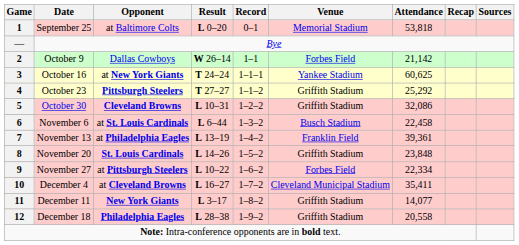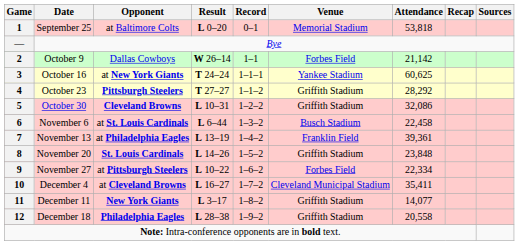 <table class="wikitable" style="text-align:center">
 <tr>
 <th>Game</th>
 <th>Date</th>
 <th>Opponent</th>
 <th>Result</th>
 <th>Record</th>
 <th>Venue</th>
 <th>Attendance</th>
 <th>Recap</th>
 <th>Sources</th>
 </tr>
 <tr style="background:#fcc">
 <th>1</th>
 <td>September 25</td>
 <td>at <a href='#'>Baltimore Colts</a></td>
 <td><strong>L</strong> 0–20</td>
 <td>0–1</td>
 <td><a href='#'>Memorial Stadium</a></td>
 <td>53,818</td>
 <td></td>
 <td></td>
 </tr>
 <tr>
 <th>—</th>
 <td colspan=8 align="center"><em><a href='#'>Bye</a></em></td>
 </tr>
 <tr style="background:#cfc">
 <th>2</th>
 <td>October 9</td>
 <td><a href='#'>Dallas Cowboys</a></td>
 <td><strong>W</strong> 26–14</td>
 <td>1–1</td>
 <td><a href='#'>Forbes Field</a></td>
 <td>21,142</td>
 <td></td>
 <td></td>
 </tr>
 <tr style="background:#ffc">
 <th>3</th>
 <td>October 16</td>
 <td>at <strong><a href='#'>New York Giants</a></strong></td>
 <td><strong>T</strong> 24–24</td>
 <td>1–1–1</td>
 <td><a href='#'>Yankee Stadium</a></td>
 <td>60,625</td>
 <td></td>
 <td></td>
 </tr>
 <tr style="background:#ffc">
 <th>4</th>
 <td>October 23</td>
 <td><strong><a href='#'>Pittsburgh Steelers</a></strong></td>
 <td><strong>T</strong> 27–27</td>
 <td>1–1–2</td>
 <td>Griffith Stadium</td>
-<td>25,292</td>
+<td>28,292</td>
 <td></td>
 <td></td>
 </tr>
 <tr style="background:#fcc">
 <th>5</th>
 <td><a href='#'>October 30</a></td>
 <td><strong><a href='#'>Cleveland Browns</a></strong></td>
 <td><strong>L</strong> 10–31</td>
 <td>1–2–2</td>
 <td>Griffith Stadium</td>
 <td>32,086</td>
 <td></td>
 <td></td>
 </tr>
 <tr style="background:#fcc">
 <th>6</th>
 <td>November 6</td>
 <td>at <strong><a href='#'>St. Louis Cardinals</a></strong></td>
 <td><strong>L</strong> 6–44</td>
 <td>1–3–2</td>
 <td><a href='#'>Busch Stadium</a></td>
 <td>22,458</td>
 <td></td>
 <td></td>
 </tr>
 <tr style="background:#fcc">
 <th>7</th>
 <td>November 13</td>
 <td>at <strong><a href='#'>Philadelphia Eagles</a></strong></td>
 <td><strong>L</strong> 13–19</td>
 <td>1–4–2</td>
 <td><a href='#'>Franklin Field</a></td>
 <td>39,361</td>
 <td></td>
 <td></td>
 </tr>
 <tr style="background:#fcc">
 <th>8</th>
 <td>November 20</td>
 <td><strong><a href='#'>St. Louis Cardinals</a></strong></td>
 <td><strong>L</strong> 14–26</td>
 <td>1–5–2</td>
 <td>Griffith Stadium</td>
 <td>23,848</td>
 <td></td>
 <td></td>
 </tr>
 <tr style="background:#fcc">
 <th>9</th>
 <td>November 27</td>
 <td>at <strong><a href='#'>Pittsburgh Steelers</a></strong></td>
 <td><strong>L</strong> 10–22</td>
 <td>1–6–2</td>
 <td><a href='#'>Forbes Field</a></td>
 <td>22,334</td>
 <td></td>
 <td></td>
 </tr>
 <tr style="background:#fcc">
 <th>10</th>
 <td>December 4</td>
 <td>at <strong><a href='#'>Cleveland Browns</a></strong></td>
 <td><strong>L</strong> 16–27</td>
 <td>1–7–2</td>
 <td><a href='#'>Cleveland Municipal Stadium</a></td>
 <td>35,411</td>
 <td></td>
 <td></td>
 </tr>
 <tr style="background:#fcc">
 <th>11</th>
 <td>December 11</td>
 <td><strong><a href='#'>New York Giants</a></strong></td>
 <td><strong>L</strong> 3–17</td>
 <td>1–8–2</td>
 <td>Griffith Stadium</td>
 <td>14,077</td>
 <td></td>
 <td></td>
 </tr>
 <tr style="background:#fcc">
 <th>12</th>
 <td>December 18</td>
 <td><strong><a href='#'>Philadelphia Eagles</a></strong></td>
 <td><strong>L</strong> 28–38</td>
 <td>1–9–2</td>
 <td>Griffith Stadium</td>
 <td>20,558</td>
 <td></td>
 <td></td>
 </tr>
 <tr>
 <td colspan="8"><strong>Note:</strong> Intra-conference opponents are in <strong>bold</strong> text.</td>
 </tr>
 </table>
